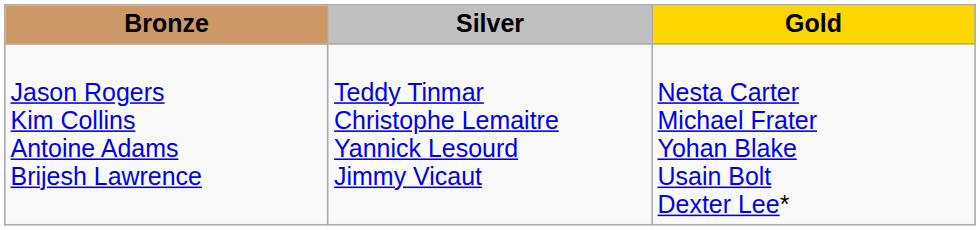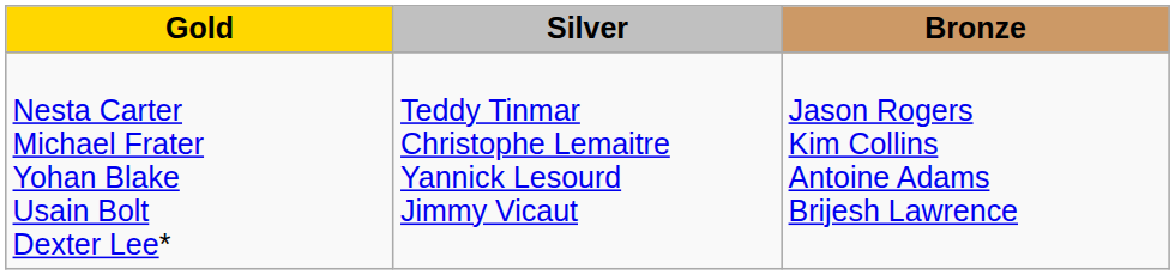 <table class="wikitable" style="text-align:left">
 <tr align="center">
+<td width=200 bgcolor=gold><strong>Gold</strong></td>
+<td width=200 bgcolor=silver><strong>Silver</strong></td>
 <td width=200 bgcolor=CC9966><strong>Bronze</strong></td>
-<td width=200 bgcolor=silver><strong>Silver</strong></td>
-<td width=200 bgcolor=gold><strong>Gold</strong></td>
 </tr>
 <tr>
+<td valign=top><em></em><br><a href='#'>Nesta Carter</a><br><a href='#'>Michael Frater</a><br><a href='#'>Yohan Blake</a><br><a href='#'>Usain Bolt</a><br><a href='#'>Dexter Lee</a>*</td>
+<td valign=top><em></em><br><a href='#'>Teddy Tinmar</a><br><a href='#'>Christophe Lemaitre</a><br><a href='#'>Yannick Lesourd</a><br><a href='#'>Jimmy Vicaut</a></td>
 <td valign=top><em></em><br><a href='#'>Jason Rogers</a><br><a href='#'>Kim Collins</a><br><a href='#'>Antoine Adams</a><br><a href='#'>Brijesh Lawrence</a></td>
-<td valign=top><em></em><br><a href='#'>Teddy Tinmar</a><br><a href='#'>Christophe Lemaitre</a><br><a href='#'>Yannick Lesourd</a><br><a href='#'>Jimmy Vicaut</a></td>
-<td valign=top><em></em><br><a href='#'>Nesta Carter</a><br><a href='#'>Michael Frater</a><br><a href='#'>Yohan Blake</a><br><a href='#'>Usain Bolt</a><br><a href='#'>Dexter Lee</a>*</td>
 </tr>
 </table>
